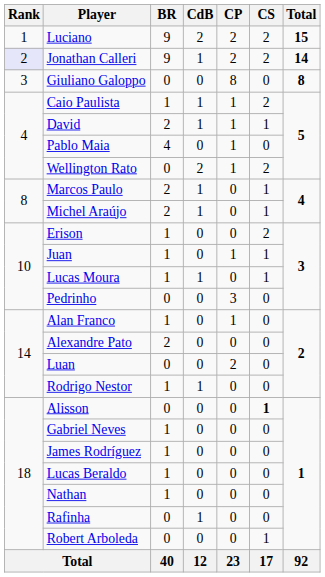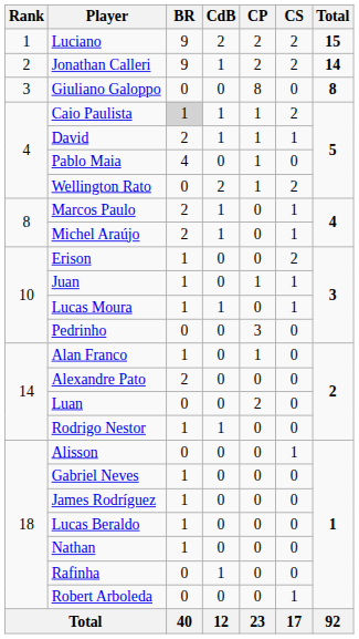 <table class="wikitable sortable" style="text-align:center;">
 <tr>
 <th>Rank</th>
 <th>Player</th>
 <th width=10.5%><abbr>BR</abbr></th>
 <th width=10.5%><abbr>CdB</abbr></th>
 <th width=10.5%><abbr>CP</abbr></th>
 <th width=10.5%><abbr>CS</abbr></th>
 <th>Total</th>
 </tr>
 <tr>
 <td>1</td>
 <td align=left><a href='#'>Luciano</a></td>
 <td>9</td>
 <td>2</td>
 <td>2</td>
 <td>2</td>
 <td><strong>15</strong></td>
 </tr>
 <tr>
-<td style="background: lavender;">2</td>
+<td>2</td>
 <td align=left><a href='#'>Jonathan Calleri</a></td>
 <td>9</td>
 <td>1</td>
 <td>2</td>
 <td>2</td>
 <td><strong>14</strong></td>
 </tr>
 <tr>
 <td>3</td>
 <td align=left><a href='#'>Giuliano Galoppo</a></td>
 <td>0</td>
 <td>0</td>
 <td>8</td>
 <td>0</td>
 <td><strong>8</strong></td>
 </tr>
 <tr>
 <td rowspan=4>4</td>
 <td align=left><a href='#'>Caio Paulista</a></td>
-<td>1</td>
+<td style="background: lightgrey;">1</td>
 <td>1</td>
 <td>1</td>
 <td>2</td>
 <td rowspan=4><strong>5</strong></td>
 </tr>
 <tr>
 <td align=left><a href='#'>David</a></td>
 <td>2</td>
 <td>1</td>
 <td>1</td>
 <td>1</td>
 </tr>
 <tr>
 <td align=left><a href='#'>Pablo Maia</a></td>
 <td>4</td>
 <td>0</td>
 <td>1</td>
 <td>0</td>
 </tr>
 <tr>
 <td align=left><a href='#'>Wellington Rato</a></td>
 <td>0</td>
 <td>2</td>
 <td>1</td>
 <td>2</td>
 </tr>
 <tr>
 <td rowspan=2>8</td>
 <td align=left><a href='#'>Marcos Paulo</a></td>
 <td>2</td>
 <td>1</td>
 <td>0</td>
 <td>1</td>
 <td rowspan=2><strong>4</strong></td>
 </tr>
 <tr>
 <td align=left><a href='#'>Michel Araújo</a></td>
 <td>2</td>
 <td>1</td>
 <td>0</td>
 <td>1</td>
 </tr>
 <tr>
 <td rowspan=4>10</td>
 <td align=left><a href='#'>Erison</a></td>
 <td>1</td>
 <td>0</td>
 <td>0</td>
 <td>2</td>
 <td rowspan=4><strong>3</strong></td>
 </tr>
 <tr>
 <td align=left><a href='#'>Juan</a></td>
 <td>1</td>
 <td>0</td>
 <td>1</td>
 <td>1</td>
 </tr>
 <tr>
 <td align=left><a href='#'>Lucas Moura</a></td>
 <td>1</td>
 <td>1</td>
 <td>0</td>
 <td>1</td>
 </tr>
 <tr>
 <td align=left><a href='#'>Pedrinho</a></td>
 <td>0</td>
 <td>0</td>
 <td>3</td>
 <td>0</td>
 </tr>
 <tr>
 <td rowspan=4>14</td>
 <td align=left><a href='#'>Alan Franco</a></td>
 <td>1</td>
 <td>0</td>
 <td>1</td>
 <td>0</td>
 <td rowspan=4><strong>2</strong></td>
 </tr>
 <tr>
 <td align=left><a href='#'>Alexandre Pato</a></td>
 <td>2</td>
 <td>0</td>
 <td>0</td>
 <td>0</td>
 </tr>
 <tr>
 <td align=left><a href='#'>Luan</a></td>
 <td>0</td>
 <td>0</td>
 <td>2</td>
 <td>0</td>
 </tr>
 <tr>
 <td align=left><a href='#'>Rodrigo Nestor</a></td>
 <td>1</td>
 <td>1</td>
 <td>0</td>
 <td>0</td>
 </tr>
 <tr>
 <td rowspan=7>18</td>
 <td align=left><a href='#'>Alisson</a></td>
 <td>0</td>
 <td>0</td>
 <td>0</td>
-<td><strong>1</strong></td>
+<td>1</td>
 <td rowspan=7><strong>1</strong></td>
 </tr>
 <tr>
 <td align=left><a href='#'>Gabriel Neves</a></td>
 <td>1</td>
 <td>0</td>
 <td>0</td>
 <td>0</td>
 </tr>
 <tr>
 <td align=left><a href='#'>James Rodríguez</a></td>
 <td>1</td>
 <td>0</td>
 <td>0</td>
 <td>0</td>
 </tr>
 <tr>
 <td align=left><a href='#'>Lucas Beraldo</a></td>
 <td>1</td>
 <td>0</td>
 <td>0</td>
 <td>0</td>
 </tr>
 <tr>
 <td align=left><a href='#'>Nathan</a></td>
 <td>1</td>
 <td>0</td>
 <td>0</td>
 <td>0</td>
 </tr>
 <tr>
 <td align=left><a href='#'>Rafinha</a></td>
 <td>0</td>
 <td>1</td>
 <td>0</td>
 <td>0</td>
 </tr>
 <tr>
 <td align=left><a href='#'>Robert Arboleda</a></td>
 <td>0</td>
 <td>0</td>
 <td>0</td>
 <td>1</td>
 </tr>
 <tr>
 <th colspan=2>Total</th>
 <th>40</th>
 <th>12</th>
 <th>23</th>
 <th>17</th>
 <th>92</th>
 </tr>
 </table>
